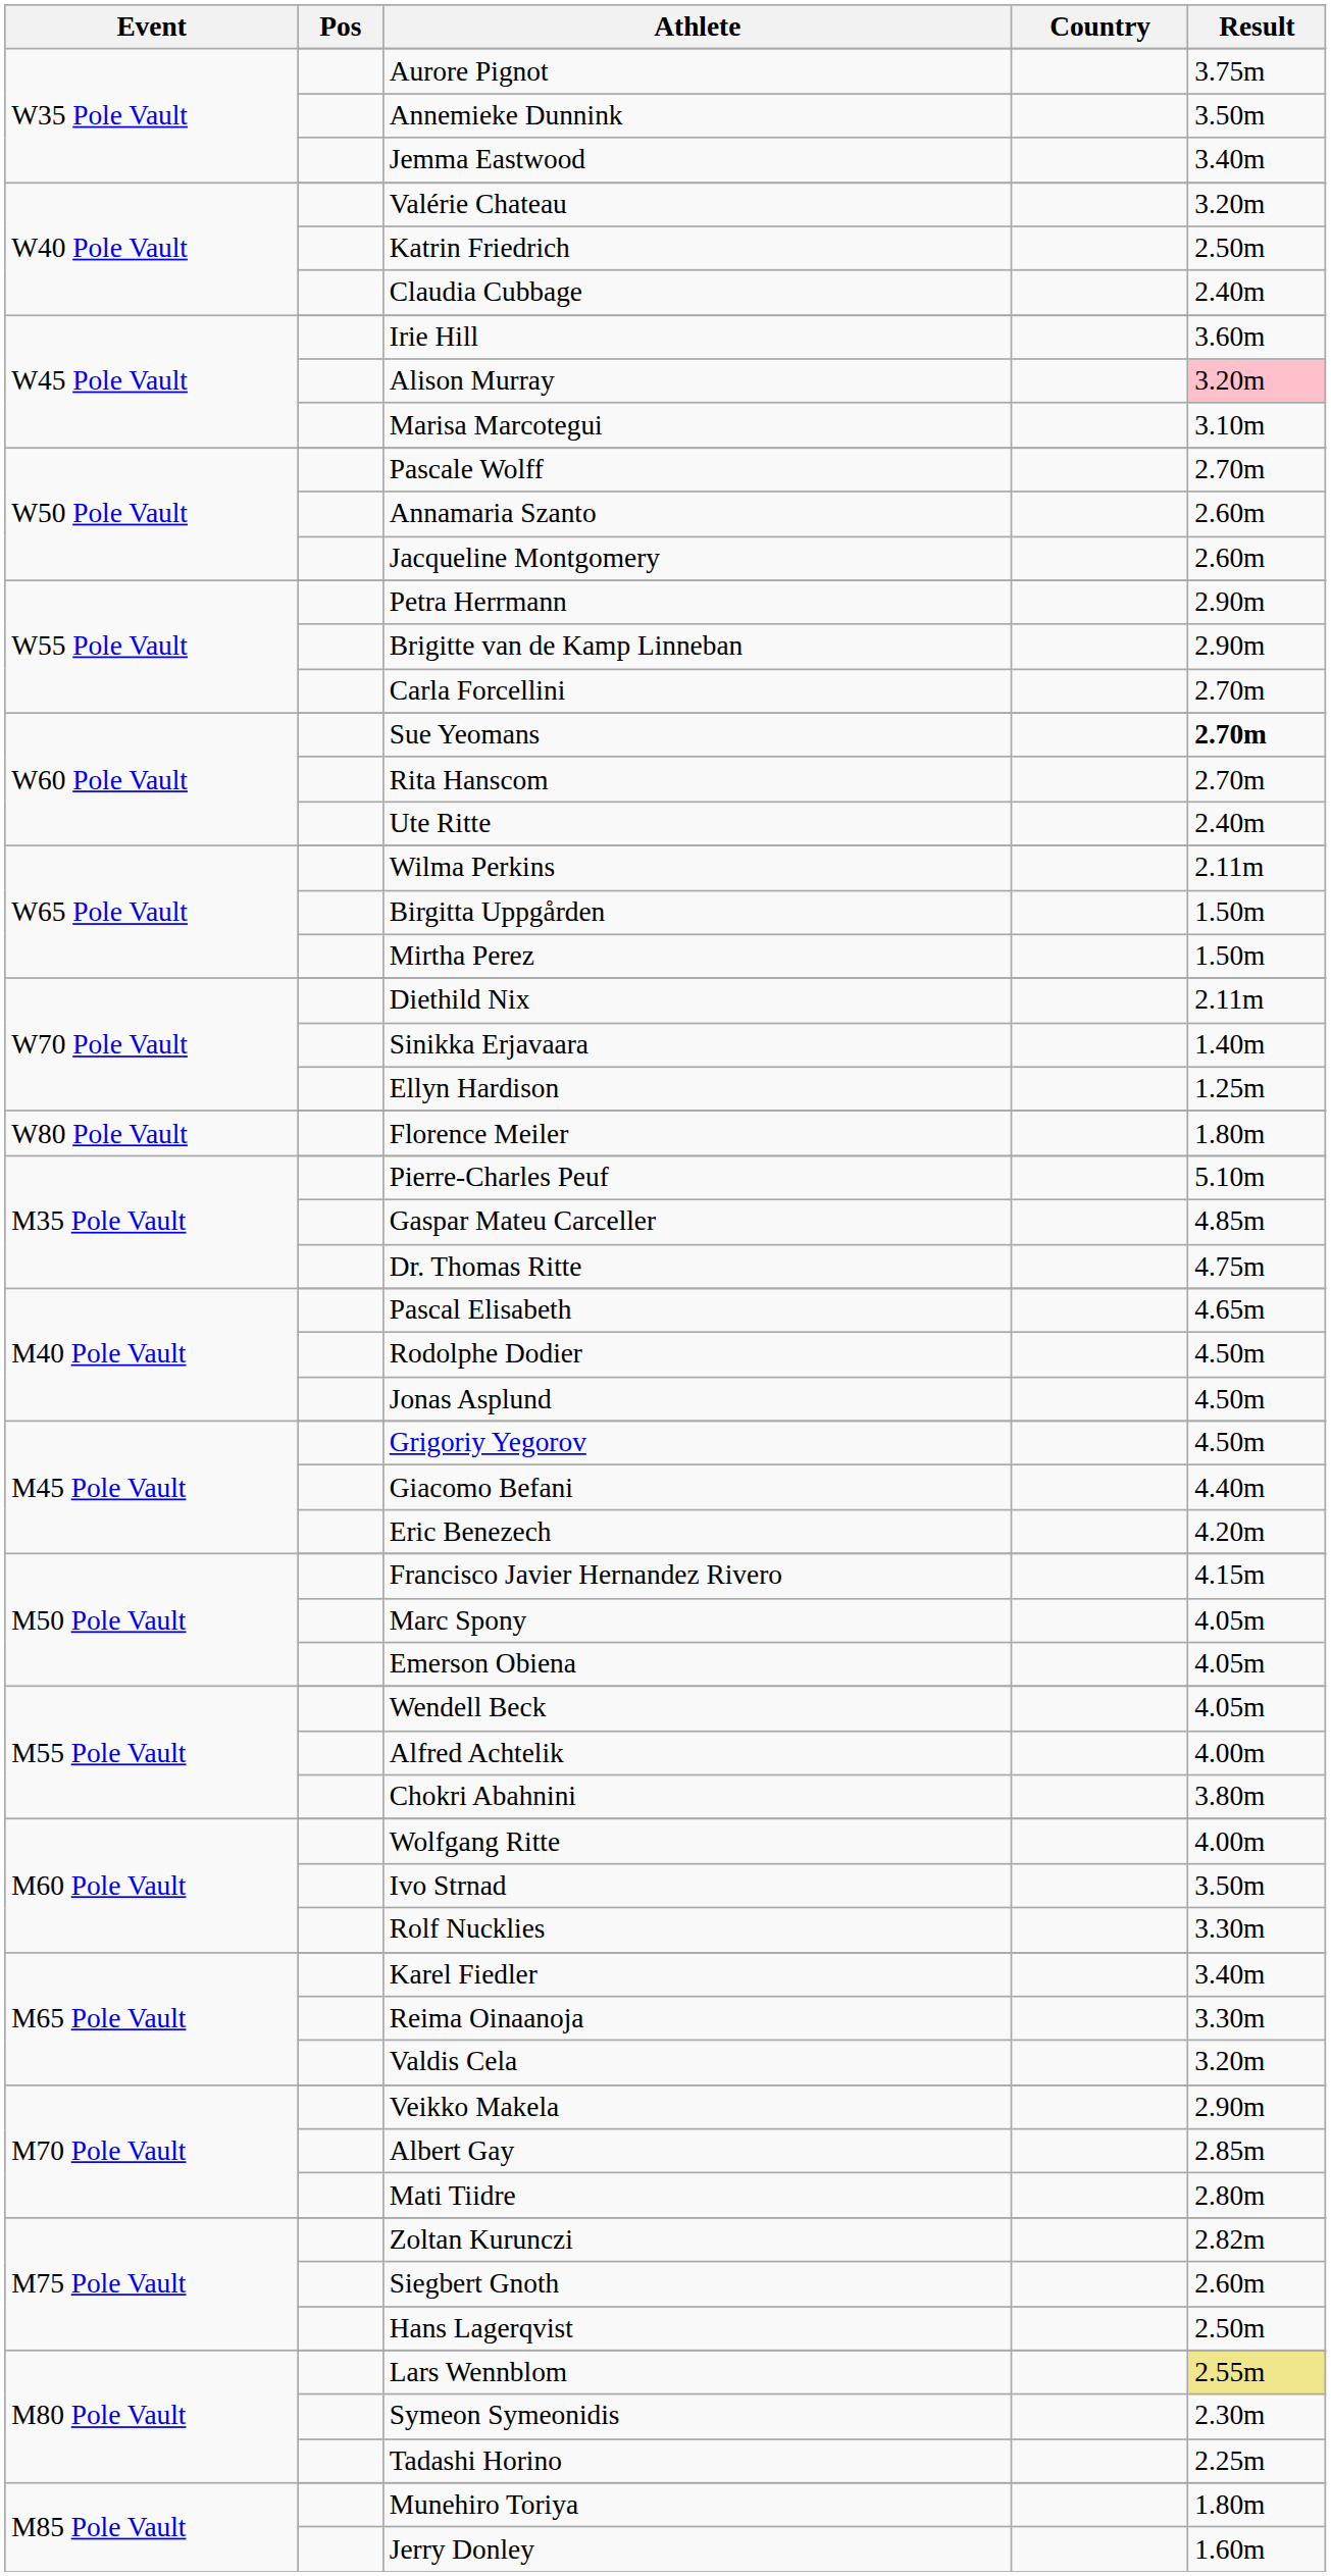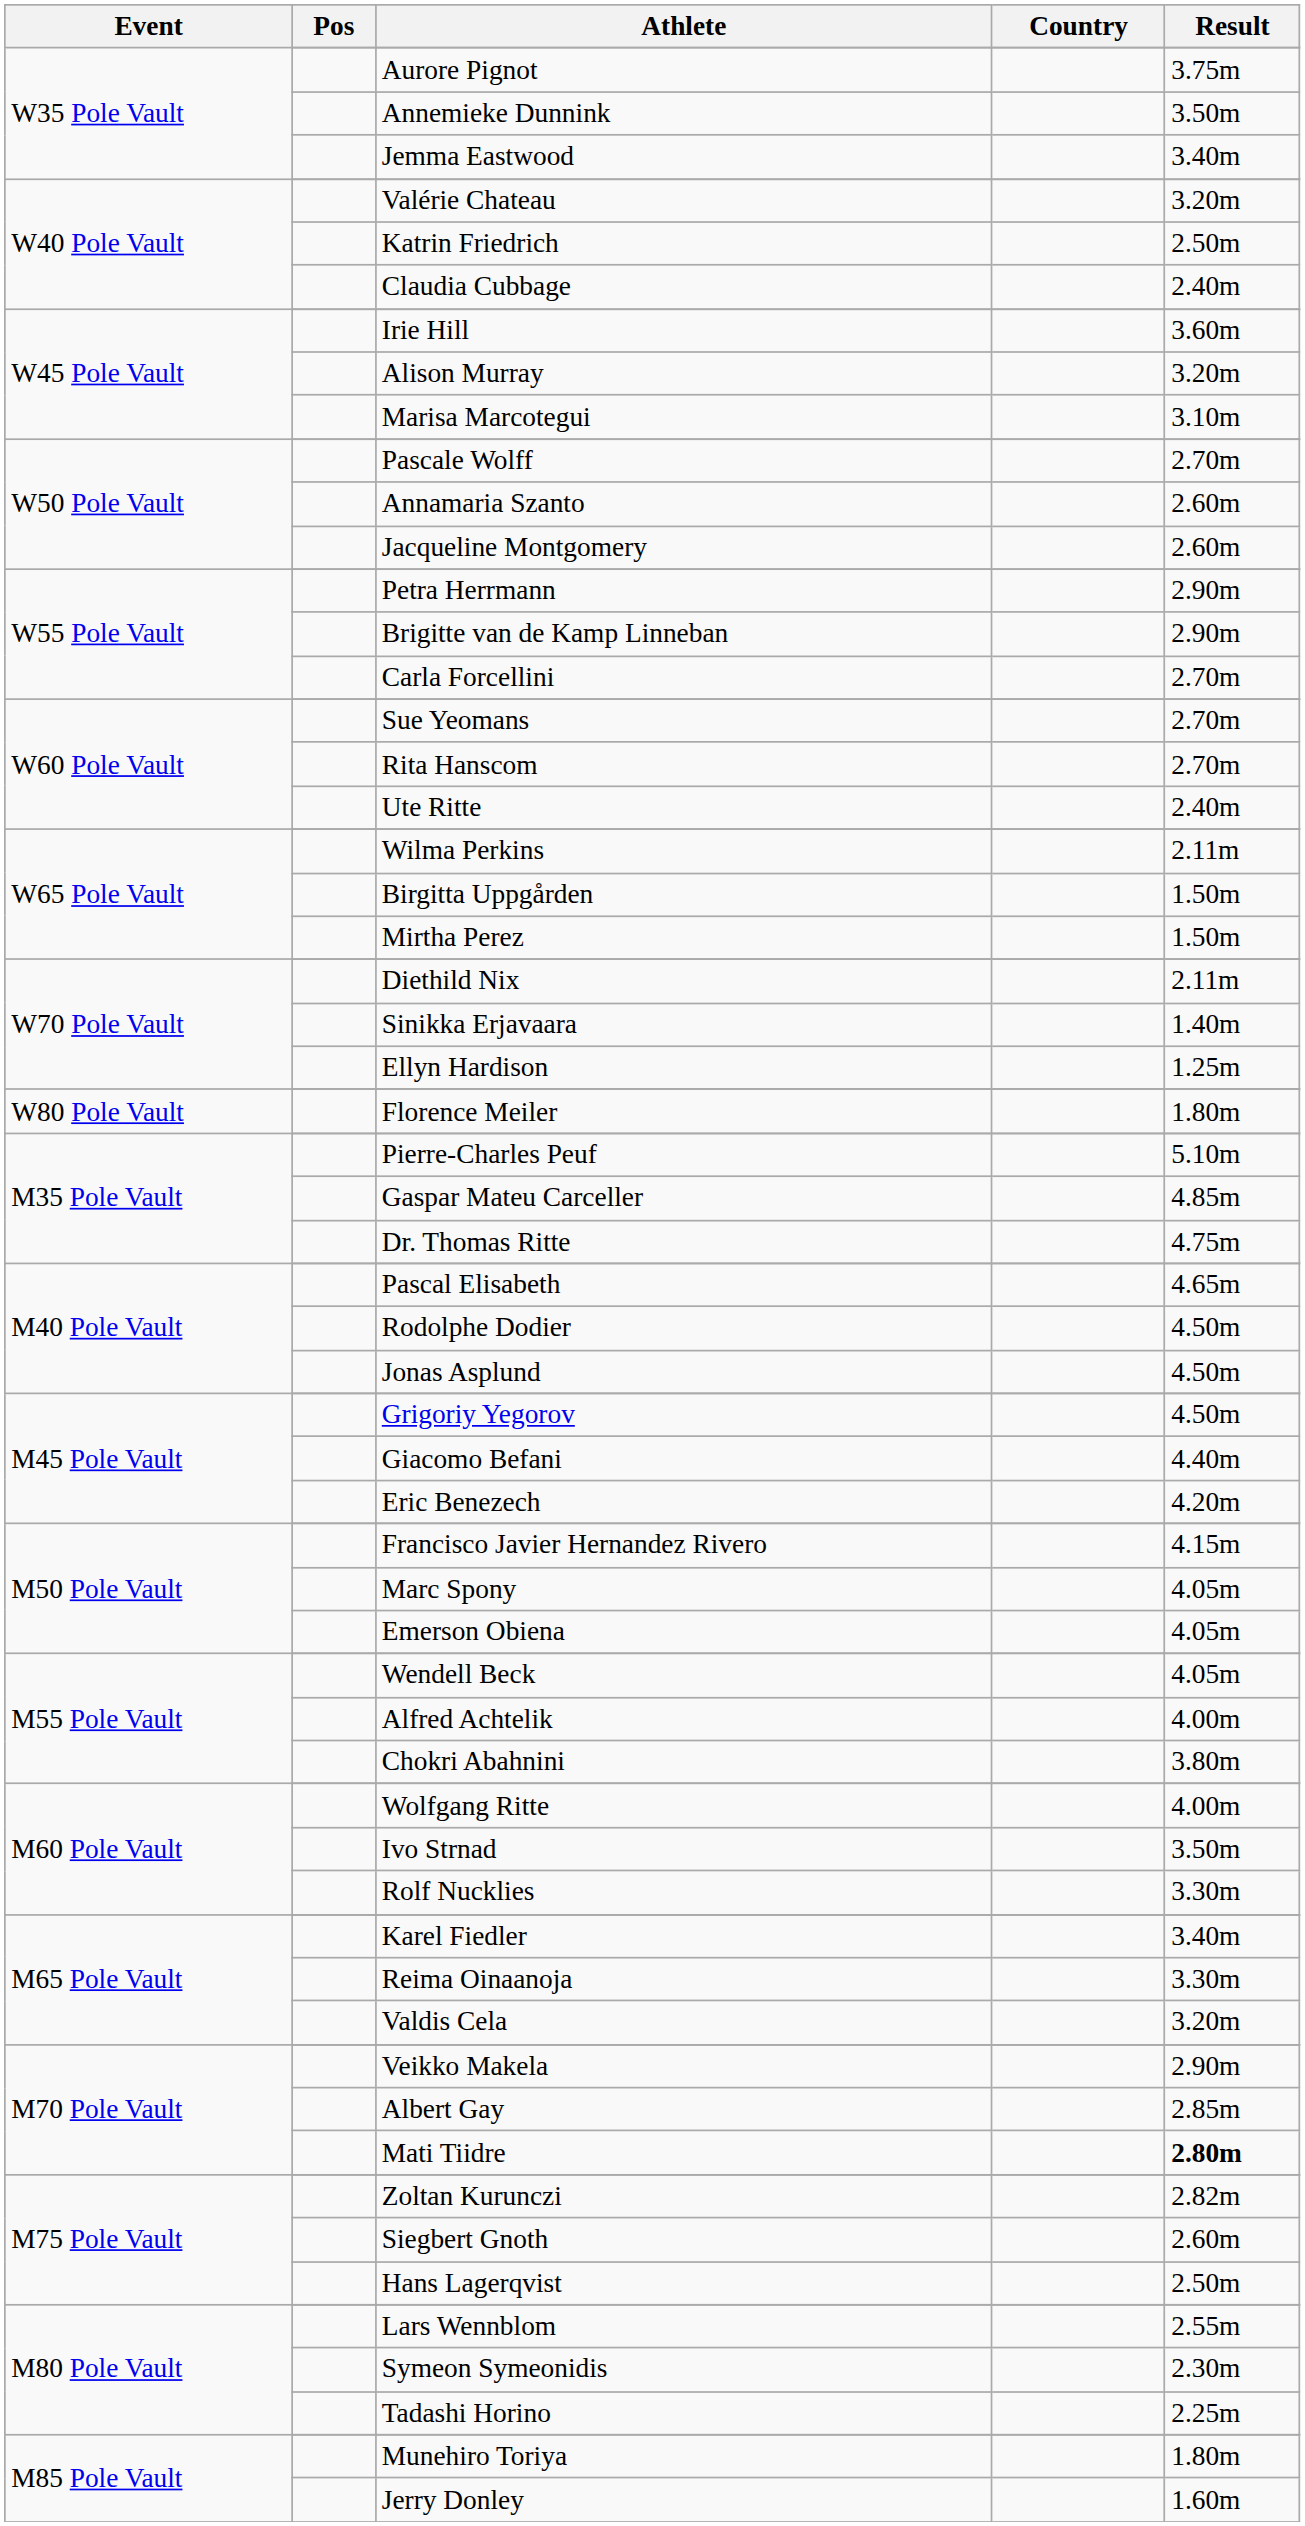 <table class="wikitable" style="width:60%;">
 <tr>
 <th>Event</th>
 <th>Pos</th>
 <th>Athlete</th>
 <th>Country</th>
 <th>Result</th>
 </tr>
 <tr>
 <td rowspan='4'>W35 <a href='#'>Pole Vault</a></td>
 </tr>
 <tr>
 <td align=center></td>
 <td align=left>Aurore Pignot</td>
 <td align=left></td>
 <td>3.75m</td>
 </tr>
 <tr>
 <td align=center></td>
 <td align=left>Annemieke Dunnink</td>
 <td align=left></td>
 <td>3.50m</td>
 </tr>
 <tr>
 <td align=center></td>
 <td align=left>Jemma Eastwood</td>
 <td align=left></td>
 <td>3.40m</td>
 </tr>
 <tr>
 <td rowspan='4'>W40 <a href='#'>Pole Vault</a></td>
 </tr>
 <tr>
 <td align=center></td>
 <td align=left>Valérie Chateau</td>
 <td align=left></td>
 <td>3.20m</td>
 </tr>
 <tr>
 <td align=center></td>
 <td align=left>Katrin Friedrich</td>
 <td align=left></td>
 <td>2.50m</td>
 </tr>
 <tr>
 <td align=center></td>
 <td align=left>Claudia Cubbage</td>
 <td align=left></td>
 <td>2.40m</td>
 </tr>
 <tr>
 <td rowspan='4'>W45 <a href='#'>Pole Vault</a></td>
 </tr>
 <tr>
 <td align=center></td>
 <td align=left>Irie Hill</td>
 <td align=left></td>
 <td>3.60m</td>
 </tr>
 <tr>
 <td align=center></td>
 <td align=left>Alison Murray</td>
 <td align=left></td>
-<td style="background: pink;">3.20m</td>
+<td>3.20m</td>
 </tr>
 <tr>
 <td align=center></td>
 <td align=left>Marisa Marcotegui</td>
 <td align=left></td>
 <td>3.10m</td>
 </tr>
 <tr>
 <td rowspan='4'>W50 <a href='#'>Pole Vault</a></td>
 </tr>
 <tr>
 <td align=center></td>
 <td align=left>Pascale Wolff</td>
 <td align=left></td>
 <td>2.70m</td>
 </tr>
 <tr>
 <td align=center></td>
 <td align=left>Annamaria Szanto</td>
 <td align=left></td>
 <td>2.60m</td>
 </tr>
 <tr>
 <td align=center></td>
 <td align=left>Jacqueline Montgomery</td>
 <td align=left></td>
 <td>2.60m</td>
 </tr>
 <tr>
 <td rowspan='4'>W55 <a href='#'>Pole Vault</a></td>
 </tr>
 <tr>
 <td align=center></td>
 <td align=left>Petra Herrmann</td>
 <td align=left></td>
 <td>2.90m</td>
 </tr>
 <tr>
 <td align=center></td>
 <td align=left>Brigitte van de Kamp Linneban</td>
 <td align=left></td>
 <td>2.90m</td>
 </tr>
 <tr>
 <td align=center></td>
 <td align=left>Carla Forcellini</td>
 <td align=left></td>
 <td>2.70m</td>
 </tr>
 <tr>
 <td rowspan='4'>W60 <a href='#'>Pole Vault</a></td>
 </tr>
 <tr>
 <td align=center></td>
 <td align=left>Sue Yeomans</td>
 <td align=left></td>
-<td><strong>2.70m</strong></td>
+<td>2.70m</td>
 </tr>
 <tr>
 <td align=center></td>
 <td align=left>Rita Hanscom</td>
 <td align=left></td>
 <td>2.70m</td>
 </tr>
 <tr>
 <td align=center></td>
 <td align=left>Ute Ritte</td>
 <td align=left></td>
 <td>2.40m</td>
 </tr>
 <tr>
 <td rowspan='4'>W65 <a href='#'>Pole Vault</a></td>
 </tr>
 <tr>
 <td align=center></td>
 <td align=left>Wilma Perkins</td>
 <td align=left></td>
 <td>2.11m</td>
 </tr>
 <tr>
 <td align=center></td>
 <td align=left>Birgitta Uppgården</td>
 <td align=left></td>
 <td>1.50m</td>
 </tr>
 <tr>
 <td align=center></td>
 <td align=left>Mirtha Perez</td>
 <td align=left></td>
 <td>1.50m</td>
 </tr>
 <tr>
 <td rowspan='4'>W70 <a href='#'>Pole Vault</a></td>
 </tr>
 <tr>
 <td align=center></td>
 <td align=left>Diethild Nix</td>
 <td align=left></td>
 <td>2.11m</td>
 </tr>
 <tr>
 <td align=center></td>
 <td align=left>Sinikka Erjavaara</td>
 <td align=left></td>
 <td>1.40m</td>
 </tr>
 <tr>
 <td align=center></td>
 <td align=left>Ellyn Hardison</td>
 <td align=left></td>
 <td>1.25m</td>
 </tr>
 <tr>
 <td rowspan='2'>W80 <a href='#'>Pole Vault</a></td>
 </tr>
 <tr>
 <td align=center></td>
 <td align=left>Florence Meiler</td>
 <td align=left></td>
 <td>1.80m</td>
 </tr>
 <tr>
 <td rowspan='4'>M35 <a href='#'>Pole Vault</a></td>
 </tr>
 <tr>
 <td align=center></td>
 <td align=left>Pierre-Charles Peuf</td>
 <td align=left></td>
 <td>5.10m</td>
 </tr>
 <tr>
 <td align=center></td>
 <td align=left>Gaspar Mateu Carceller</td>
 <td align=left></td>
 <td>4.85m</td>
 </tr>
 <tr>
 <td align=center></td>
 <td align=left>Dr. Thomas Ritte</td>
 <td align=left></td>
 <td>4.75m</td>
 </tr>
 <tr>
 <td rowspan='4'>M40 <a href='#'>Pole Vault</a></td>
 </tr>
 <tr>
 <td align=center></td>
 <td align=left>Pascal Elisabeth</td>
 <td align=left></td>
 <td>4.65m</td>
 </tr>
 <tr>
 <td align=center></td>
 <td align=left>Rodolphe Dodier</td>
 <td align=left></td>
 <td>4.50m</td>
 </tr>
 <tr>
 <td align=center></td>
 <td align=left>Jonas Asplund</td>
 <td align=left></td>
 <td>4.50m</td>
 </tr>
 <tr>
 <td rowspan='4'>M45 <a href='#'>Pole Vault</a></td>
 </tr>
 <tr>
 <td align=center></td>
 <td align=left><a href='#'>Grigoriy Yegorov</a></td>
 <td align=left></td>
 <td>4.50m</td>
 </tr>
 <tr>
 <td align=center></td>
 <td align=left>Giacomo Befani</td>
 <td align=left></td>
 <td>4.40m</td>
 </tr>
 <tr>
 <td align=center></td>
 <td align=left>Eric Benezech</td>
 <td align=left></td>
 <td>4.20m</td>
 </tr>
 <tr>
 <td rowspan='4'>M50 <a href='#'>Pole Vault</a></td>
 </tr>
 <tr>
 <td align=center></td>
 <td align=left>Francisco Javier Hernandez Rivero</td>
 <td align=left></td>
 <td>4.15m</td>
 </tr>
 <tr>
 <td align=center></td>
 <td align=left>Marc Spony</td>
 <td align=left></td>
 <td>4.05m</td>
 </tr>
 <tr>
 <td align=center></td>
 <td align=left>Emerson Obiena</td>
 <td align=left></td>
 <td>4.05m</td>
 </tr>
 <tr>
 <td rowspan='4'>M55 <a href='#'>Pole Vault</a></td>
 </tr>
 <tr>
 <td align=center></td>
 <td align=left>Wendell Beck</td>
 <td align=left></td>
 <td>4.05m</td>
 </tr>
 <tr>
 <td align=center></td>
 <td align=left>Alfred Achtelik</td>
 <td align=left></td>
 <td>4.00m</td>
 </tr>
 <tr>
 <td align=center></td>
 <td align=left>Chokri Abahnini</td>
 <td align=left></td>
 <td>3.80m</td>
 </tr>
 <tr>
 <td rowspan='4'>M60 <a href='#'>Pole Vault</a></td>
 </tr>
 <tr>
 <td align=center></td>
 <td align=left>Wolfgang Ritte</td>
 <td align=left></td>
 <td>4.00m</td>
 </tr>
 <tr>
 <td align=center></td>
 <td align=left>Ivo Strnad</td>
 <td align=left></td>
 <td>3.50m</td>
 </tr>
 <tr>
 <td align=center></td>
 <td align=left>Rolf Nucklies</td>
 <td align=left></td>
 <td>3.30m</td>
 </tr>
 <tr>
 <td rowspan='4'>M65 <a href='#'>Pole Vault</a></td>
 </tr>
 <tr>
 <td align=center></td>
 <td align=left>Karel Fiedler</td>
 <td align=left></td>
 <td>3.40m</td>
 </tr>
 <tr>
 <td align=center></td>
 <td align=left>Reima Oinaanoja</td>
 <td align=left></td>
 <td>3.30m</td>
 </tr>
 <tr>
 <td align=center></td>
 <td align=left>Valdis Cela</td>
 <td align=left></td>
 <td>3.20m</td>
 </tr>
 <tr>
 <td rowspan='4'>M70 <a href='#'>Pole Vault</a></td>
 </tr>
 <tr>
 <td align=center></td>
 <td align=left>Veikko Makela</td>
 <td align=left></td>
 <td>2.90m</td>
 </tr>
 <tr>
 <td align=center></td>
 <td align=left>Albert Gay</td>
 <td align=left></td>
 <td>2.85m</td>
 </tr>
 <tr>
 <td align=center></td>
 <td align=left>Mati Tiidre</td>
 <td align=left></td>
-<td>2.80m</td>
+<td><strong>2.80m</strong></td>
 </tr>
 <tr>
 <td rowspan='4'>M75 <a href='#'>Pole Vault</a></td>
 </tr>
 <tr>
 <td align=center></td>
 <td align=left>Zoltan Kurunczi</td>
 <td align=left></td>
 <td>2.82m</td>
 </tr>
 <tr>
 <td align=center></td>
 <td align=left>Siegbert Gnoth</td>
 <td align=left></td>
 <td>2.60m</td>
 </tr>
 <tr>
 <td align=center></td>
 <td align=left>Hans Lagerqvist</td>
 <td align=left></td>
 <td>2.50m</td>
 </tr>
 <tr>
 <td rowspan='4'>M80 <a href='#'>Pole Vault</a></td>
 </tr>
 <tr>
 <td align=center></td>
 <td align=left>Lars Wennblom</td>
 <td align=left></td>
-<td style="background: khaki;">2.55m</td>
+<td>2.55m</td>
 </tr>
 <tr>
 <td align=center></td>
 <td align=left>Symeon Symeonidis</td>
 <td align=left></td>
 <td>2.30m</td>
 </tr>
 <tr>
 <td align=center></td>
 <td align=left>Tadashi Horino</td>
 <td align=left></td>
 <td>2.25m</td>
 </tr>
 <tr>
 <td rowspan='3'>M85 <a href='#'>Pole Vault</a></td>
 </tr>
 <tr>
 <td align=center></td>
 <td align=left>Munehiro Toriya</td>
 <td align=left></td>
 <td>1.80m</td>
 </tr>
 <tr>
 <td align=center></td>
 <td align=left>Jerry Donley</td>
 <td align=left></td>
 <td>1.60m</td>
 </tr>
 </table>
